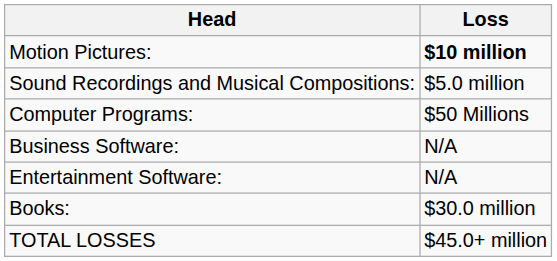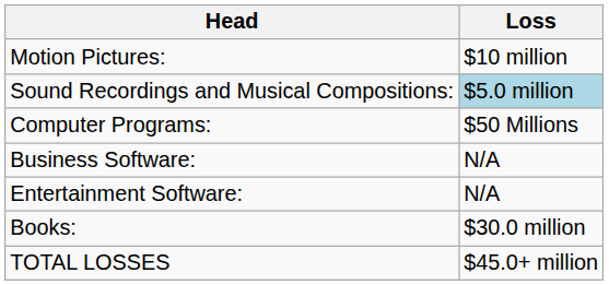 <table class="wikitable">
 <tr>
 <th>Head</th>
 <th>Loss</th>
 </tr>
 <tr>
 <td>Motion Pictures:</td>
-<td><strong>$10 million</strong></td>
+<td>$10 million</td>
 </tr>
 <tr>
 <td>Sound Recordings and Musical Compositions:</td>
-<td>$5.0 million</td>
+<td style="background: lightblue;">$5.0 million</td>
 </tr>
 <tr>
 <td>Computer Programs:</td>
 <td>$50 Millions</td>
 </tr>
 <tr>
 <td>Business Software:</td>
 <td>N/A</td>
 </tr>
 <tr>
 <td>Entertainment Software:</td>
 <td>N/A</td>
 </tr>
 <tr>
 <td>Books:</td>
 <td>$30.0 million</td>
 </tr>
 <tr>
 <td>TOTAL LOSSES</td>
 <td>$45.0+ million</td>
 </tr>
 </table>
